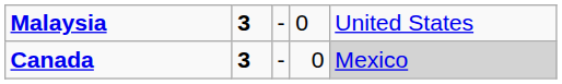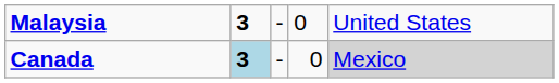 <table class="wikitable">
 <tr>
 <td width=150> <strong><a href='#'>Malaysia</a></strong></td>
 <td style="width:20px; text-align:left;"><strong>3</strong></td>
 <td>-</td>
 <td style="width:20px; text-align:left;">0</td>
 <td width=150> <a href='#'>United States</a></td>
 </tr>
 <tr>
 <td> <strong><a href='#'>Canada</a></strong></td>
-<td style="text-align:left;"><strong>3</strong></td>
+<td style="background: lightblue; text-align:left;"><strong>3</strong></td>
 <td>-</td>
 <td style="text-align:right;">0</td>
 <td style="background: lightgrey;"> <a href='#'>Mexico</a></td>
 </tr>
 </table>
